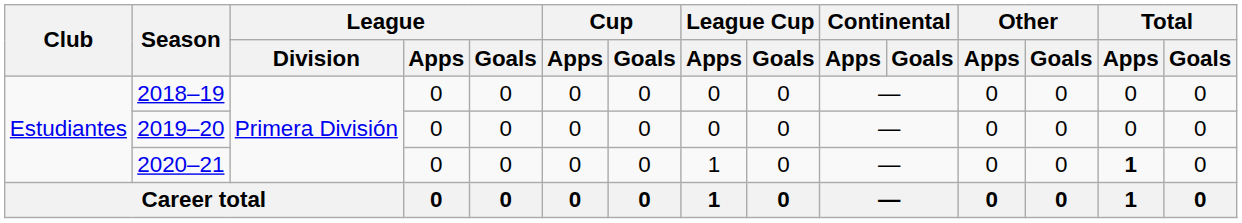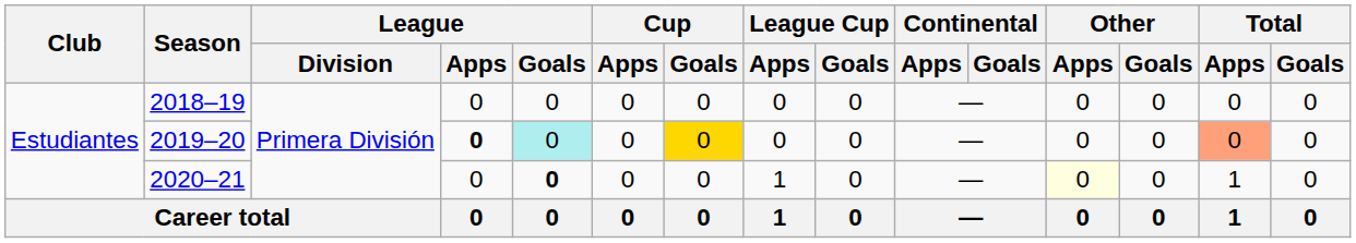 <table class="wikitable" style="text-align:center">
 <tr>
 <th rowspan="2">Club</th>
 <th rowspan="2">Season</th>
 <th colspan="3">League</th>
 <th colspan="2">Cup</th>
 <th colspan="2">League Cup</th>
 <th colspan="2">Continental</th>
 <th colspan="2">Other</th>
 <th colspan="2">Total</th>
 </tr>
 <tr>
 <th>Division</th>
 <th>Apps</th>
 <th>Goals</th>
 <th>Apps</th>
 <th>Goals</th>
 <th>Apps</th>
 <th>Goals</th>
 <th>Apps</th>
 <th>Goals</th>
 <th>Apps</th>
 <th>Goals</th>
 <th>Apps</th>
 <th>Goals</th>
 </tr>
 <tr>
 <td rowspan="3"><a href='#'>Estudiantes</a></td>
 <td><a href='#'>2018–19</a></td>
 <td rowspan="3"><a href='#'>Primera División</a></td>
 <td>0</td>
 <td>0</td>
 <td>0</td>
 <td>0</td>
 <td>0</td>
 <td>0</td>
 <td colspan="2">—</td>
 <td>0</td>
 <td>0</td>
 <td>0</td>
 <td>0</td>
 </tr>
 <tr>
 <td><a href='#'>2019–20</a></td>
+<td><strong>0</strong></td>
+<td style="background: paleturquoise;">0</td>
 <td>0</td>
-<td>0</td>
-<td>0</td>
-<td>0</td>
+<td style="background: gold;">0</td>
 <td>0</td>
 <td>0</td>
 <td colspan="2">—</td>
 <td>0</td>
 <td>0</td>
-<td>0</td>
+<td style="background: lightsalmon;">0</td>
 <td>0</td>
 </tr>
 <tr>
 <td><a href='#'>2020–21</a></td>
 <td>0</td>
-<td>0</td>
+<td><strong>0</strong></td>
 <td>0</td>
 <td>0</td>
 <td>1</td>
 <td>0</td>
 <td colspan="2">—</td>
+<td style="background: lightyellow;">0</td>
 <td>0</td>
-<td>0</td>
-<td><strong>1</strong></td>
+<td>1</td>
 <td>0</td>
 </tr>
 <tr>
 <th colspan="3">Career total</th>
 <th>0</th>
 <th>0</th>
 <th>0</th>
 <th>0</th>
 <th>1</th>
 <th>0</th>
 <th colspan="2">—</th>
 <th>0</th>
 <th>0</th>
 <th>1</th>
 <th>0</th>
 </tr>
 </table>
